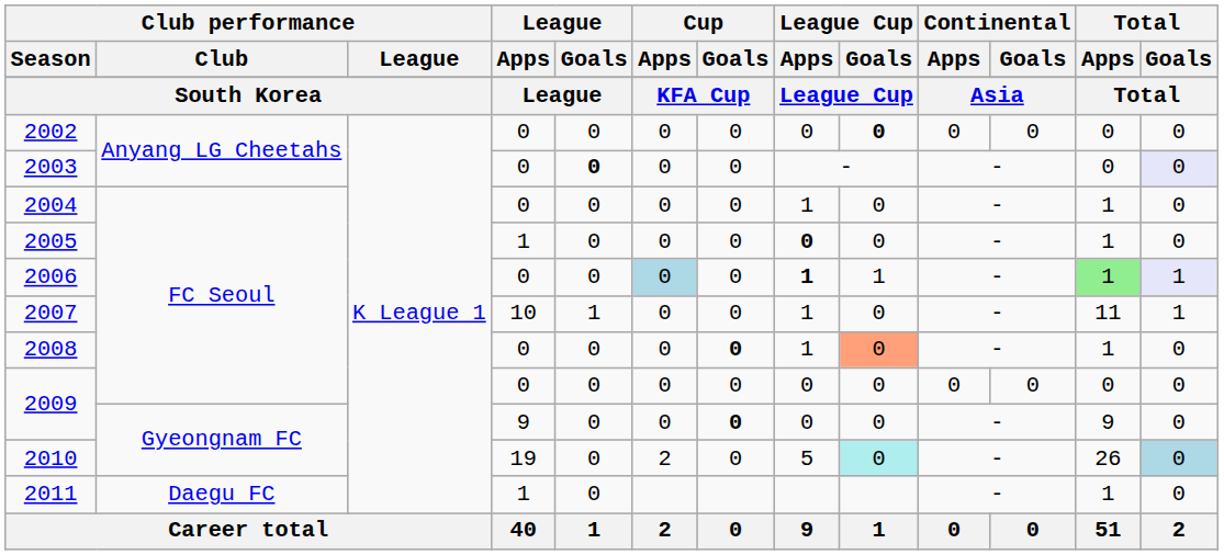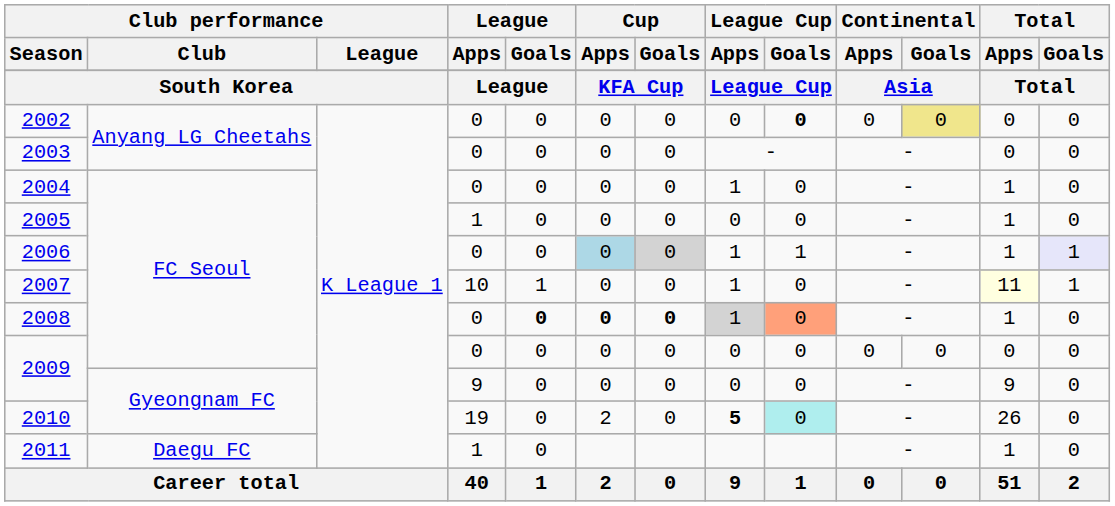 <table class="wikitable" style="text-align:center">
 <tr>
 <th colspan=3>Club performance</th>
 <th colspan=2>League</th>
 <th colspan=2>Cup</th>
 <th colspan=2>League Cup</th>
 <th colspan=2>Continental</th>
 <th colspan=2>Total</th>
 </tr>
 <tr>
 <th>Season</th>
 <th>Club</th>
 <th>League</th>
 <th>Apps</th>
 <th>Goals</th>
 <th>Apps</th>
 <th>Goals</th>
 <th>Apps</th>
 <th>Goals</th>
 <th>Apps</th>
 <th>Goals</th>
 <th>Apps</th>
 <th>Goals</th>
 </tr>
 <tr>
 </tr>
 <tr>
 <th colspan=3>South Korea</th>
 <th colspan=2>League</th>
 <th colspan=2><a href='#'>KFA Cup</a></th>
 <th colspan=2><a href='#'>League Cup</a></th>
 <th colspan=2><a href='#'>Asia</a></th>
 <th colspan=2>Total</th>
 </tr>
 <tr>
 <td><a href='#'>2002</a></td>
 <td rowspan="2"><a href='#'>Anyang LG Cheetahs</a></td>
 <td rowspan="11"><a href='#'>K League 1</a></td>
 <td>0</td>
 <td>0</td>
 <td>0</td>
 <td>0</td>
 <td>0</td>
 <td><strong>0</strong></td>
 <td>0</td>
-<td>0</td>
+<td style="background: khaki;">0</td>
 <td>0</td>
 <td>0</td>
 </tr>
 <tr>
 <td><a href='#'>2003</a></td>
 <td>0</td>
-<td><strong>0</strong></td>
+<td>0</td>
 <td>0</td>
 <td>0</td>
 <td colspan="2">-</td>
 <td colspan="2">-</td>
 <td>0</td>
-<td style="background: lavender;">0</td>
+<td>0</td>
 </tr>
 <tr>
 <td><a href='#'>2004</a></td>
 <td rowspan="6"><a href='#'>FC Seoul</a></td>
 <td>0</td>
 <td>0</td>
 <td>0</td>
 <td>0</td>
 <td>1</td>
 <td>0</td>
 <td colspan="2">-</td>
 <td>1</td>
 <td>0</td>
 </tr>
 <tr>
 <td><a href='#'>2005</a></td>
 <td>1</td>
 <td>0</td>
 <td>0</td>
 <td>0</td>
-<td><strong>0</strong></td>
+<td>0</td>
 <td>0</td>
 <td colspan="2">-</td>
 <td>1</td>
 <td>0</td>
 </tr>
 <tr>
 <td><a href='#'>2006</a></td>
 <td>0</td>
 <td>0</td>
 <td style="background: lightblue;">0</td>
-<td>0</td>
-<td><strong>1</strong></td>
+<td style="background: lightgrey;">0</td>
+<td>1</td>
 <td>1</td>
 <td colspan="2">-</td>
-<td style="background: lightgreen;">1</td>
+<td>1</td>
 <td style="background: lavender;">1</td>
 </tr>
 <tr>
 <td><a href='#'>2007</a></td>
 <td>10</td>
 <td>1</td>
 <td>0</td>
 <td>0</td>
 <td>1</td>
 <td>0</td>
 <td colspan="2">-</td>
-<td>11</td>
+<td style="background: lightyellow;">11</td>
 <td>1</td>
 </tr>
 <tr>
 <td><a href='#'>2008</a></td>
 <td>0</td>
-<td>0</td>
-<td>0</td>
 <td><strong>0</strong></td>
-<td>1</td>
+<td><strong>0</strong></td>
+<td><strong>0</strong></td>
+<td style="background: lightgrey;">1</td>
 <td style="background: lightsalmon;">0</td>
 <td colspan="2">-</td>
 <td>1</td>
 <td>0</td>
 </tr>
 <tr>
 <td rowspan="2"><a href='#'>2009</a></td>
 <td>0</td>
 <td>0</td>
 <td>0</td>
 <td>0</td>
 <td>0</td>
 <td>0</td>
 <td>0</td>
 <td>0</td>
 <td>0</td>
 <td>0</td>
 </tr>
 <tr>
 <td rowspan="2"><a href='#'>Gyeongnam FC</a></td>
 <td>9</td>
 <td>0</td>
 <td>0</td>
-<td><strong>0</strong></td>
+<td>0</td>
 <td>0</td>
 <td>0</td>
 <td colspan="2">-</td>
 <td>9</td>
 <td>0</td>
 </tr>
 <tr>
 <td><a href='#'>2010</a></td>
 <td>19</td>
 <td>0</td>
 <td>2</td>
 <td>0</td>
-<td>5</td>
+<td><strong>5</strong></td>
 <td style="background: paleturquoise;">0</td>
 <td colspan="2">-</td>
 <td>26</td>
-<td style="background: lightblue;">0</td>
+<td>0</td>
 </tr>
 <tr>
 <td><a href='#'>2011</a></td>
 <td rowspan="1"><a href='#'>Daegu FC</a></td>
 <td>1</td>
 <td>0</td>
 <td></td>
 <td></td>
 <td></td>
 <td></td>
 <td colspan="2">-</td>
 <td>1</td>
 <td>0</td>
 </tr>
 <tr>
 <th colspan=3>Career total</th>
 <th>40</th>
 <th>1</th>
 <th>2</th>
 <th>0</th>
 <th>9</th>
 <th>1</th>
 <th>0</th>
 <th>0</th>
 <th>51</th>
 <th>2</th>
 </tr>
 </table>
